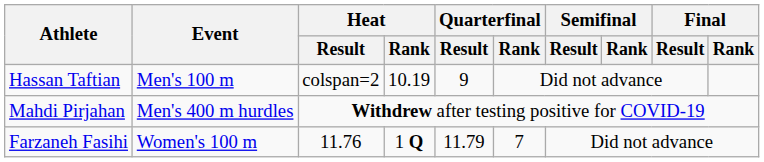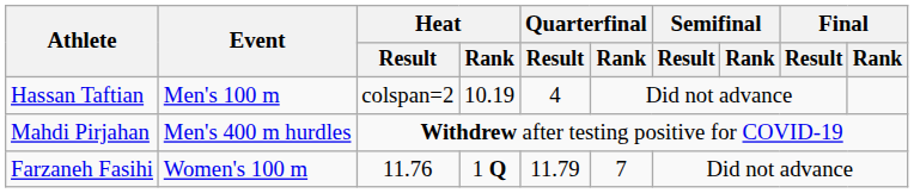 <table class="wikitable" style="font-size:90%; text-align:center">
 <tr>
 <th rowspan=2>Athlete</th>
 <th rowspan=2>Event</th>
 <th colspan=2>Heat</th>
 <th colspan=2>Quarterfinal</th>
 <th colspan=2>Semifinal</th>
 <th colspan=2>Final</th>
 </tr>
 <tr style="font-size:95%">
 <th>Result</th>
 <th>Rank</th>
 <th>Result</th>
 <th>Rank</th>
 <th>Result</th>
 <th>Rank</th>
 <th>Result</th>
 <th>Rank</th>
 </tr>
 <tr align=center>
 <td align=left><a href='#'>Hassan Taftian</a></td>
 <td align=left><a href='#'>Men's 100 m</a></td>
 <td>colspan=2 </td>
 <td>10.19</td>
-<td>9</td>
+<td>4</td>
 <td colspan="4">Did not advance</td>
 </tr>
 <tr align=center>
 <td align=left><a href='#'>Mahdi Pirjahan</a></td>
 <td align=left><a href='#'>Men's 400 m hurdles</a></td>
 <td colspan=8><strong>Withdrew</strong> ‌‌‌‌‌after testing positive for <a href='#'>COVID-19</a></td>
 </tr>
 <tr align=center>
 <td align=left><a href='#'>Farzaneh Fasihi</a></td>
 <td align=left><a href='#'>Women's 100 m</a></td>
 <td>11.76</td>
 <td>1 <strong>Q</strong></td>
 <td>11.79</td>
 <td>7</td>
 <td colspan="4">Did not advance</td>
 </tr>
 </table>
